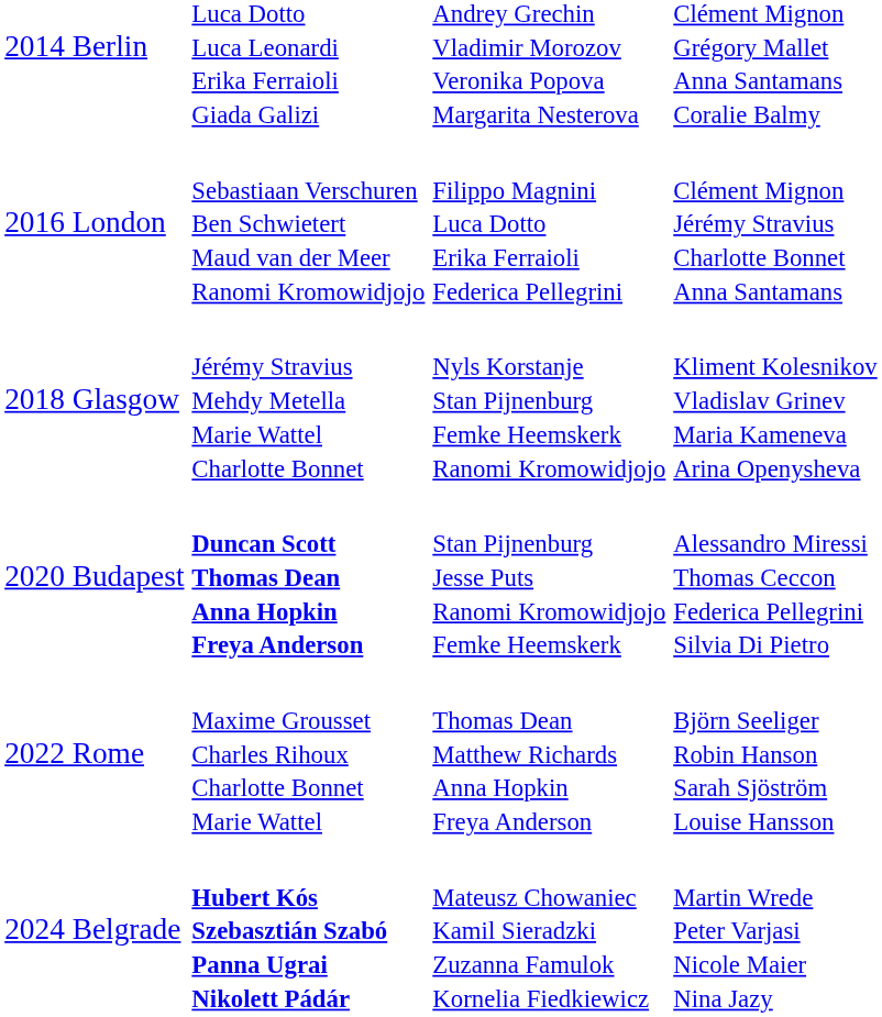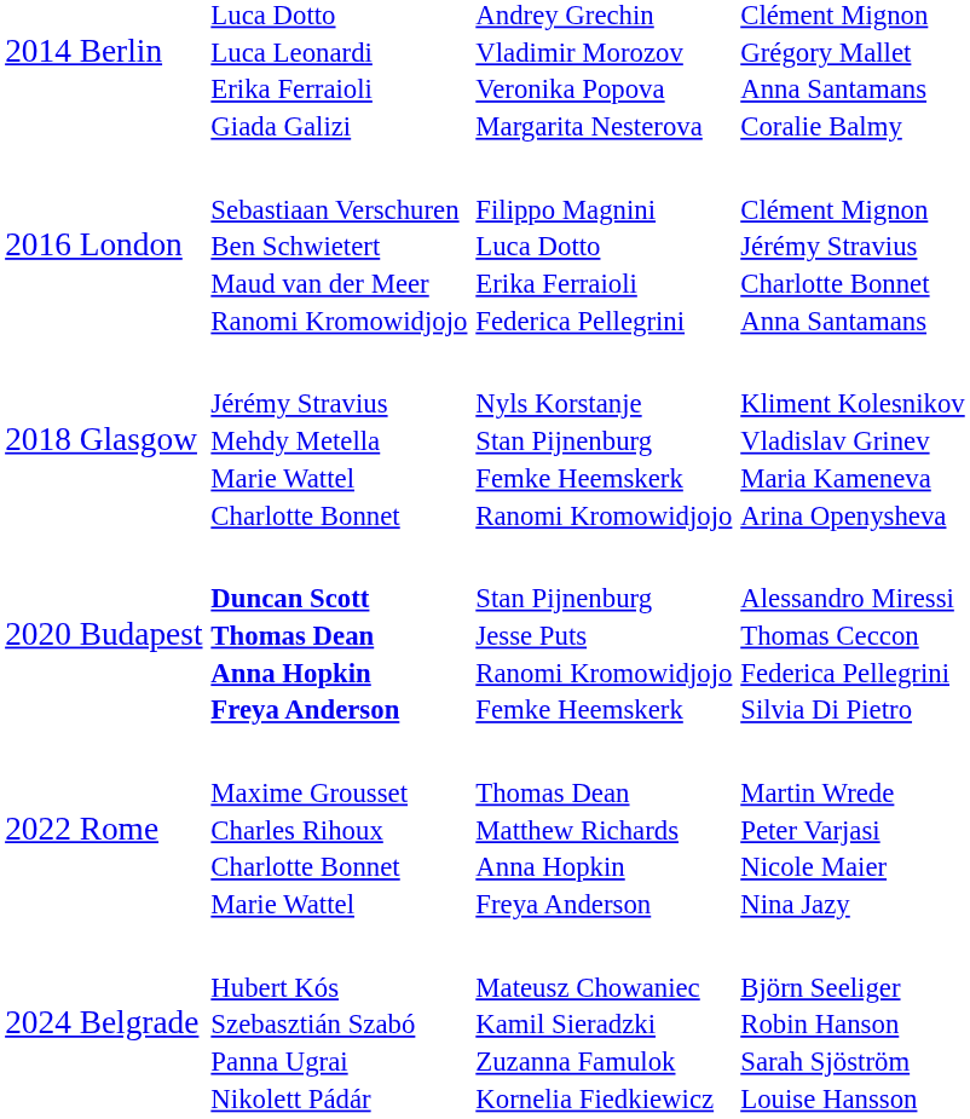 <table>
 <tr>
 <td><a href='#'>2014 Berlin</a></td>
 <td><small><br><a href='#'>Luca Dotto</a><br><a href='#'>Luca Leonardi</a><br><a href='#'>Erika Ferraioli</a><br><a href='#'>Giada Galizi</a></small></td>
 <td><small><br><a href='#'>Andrey Grechin</a><br><a href='#'>Vladimir Morozov</a><br><a href='#'>Veronika Popova</a><br><a href='#'>Margarita Nesterova</a></small></td>
 <td><small><br><a href='#'>Clément Mignon</a><br><a href='#'>Grégory Mallet</a><br><a href='#'>Anna Santamans</a><br><a href='#'>Coralie Balmy</a></small></td>
 </tr>
 <tr>
 <td><a href='#'>2016 London</a></td>
 <td><small><br><a href='#'>Sebastiaan Verschuren</a><br><a href='#'>Ben Schwietert</a><br><a href='#'>Maud van der Meer</a><br><a href='#'>Ranomi Kromowidjojo</a></small></td>
 <td><small><br><a href='#'>Filippo Magnini</a><br><a href='#'>Luca Dotto</a><br><a href='#'>Erika Ferraioli</a><br><a href='#'>Federica Pellegrini</a></small></td>
 <td><small><br><a href='#'>Clément Mignon</a><br><a href='#'>Jérémy Stravius</a><br><a href='#'>Charlotte Bonnet</a><br><a href='#'>Anna Santamans</a></small></td>
 </tr>
 <tr>
 <td><a href='#'>2018 Glasgow</a></td>
 <td><small><br><a href='#'>Jérémy Stravius</a><br><a href='#'>Mehdy Metella</a><br><a href='#'>Marie Wattel</a><br><a href='#'>Charlotte Bonnet</a></small></td>
 <td><small><br><a href='#'>Nyls Korstanje</a><br><a href='#'>Stan Pijnenburg</a><br><a href='#'>Femke Heemskerk</a><br><a href='#'>Ranomi Kromowidjojo</a></small></td>
 <td><small><br><a href='#'>Kliment Kolesnikov</a><br><a href='#'>Vladislav Grinev</a><br><a href='#'>Maria Kameneva</a><br><a href='#'>Arina Openysheva</a></small></td>
 </tr>
 <tr>
 <td><a href='#'>2020 Budapest</a></td>
 <td><strong><small><br><a href='#'>Duncan Scott</a><br><a href='#'>Thomas Dean</a><br><a href='#'>Anna Hopkin</a><br><a href='#'>Freya Anderson</a></small></strong></td>
 <td><small><br><a href='#'>Stan Pijnenburg</a><br><a href='#'>Jesse Puts</a><br><a href='#'>Ranomi Kromowidjojo</a><br><a href='#'>Femke Heemskerk</a></small></td>
 <td><small><br><a href='#'>Alessandro Miressi</a><br><a href='#'>Thomas Ceccon</a><br><a href='#'>Federica Pellegrini</a><br><a href='#'>Silvia Di Pietro</a></small></td>
 </tr>
 <tr>
 <td><a href='#'>2022 Rome</a></td>
 <td><small><br><a href='#'>Maxime Grousset</a><br><a href='#'>Charles Rihoux</a><br><a href='#'>Charlotte Bonnet</a><br><a href='#'>Marie Wattel</a></small></td>
 <td><small><br><a href='#'>Thomas Dean</a><br><a href='#'>Matthew Richards</a><br><a href='#'>Anna Hopkin</a><br><a href='#'>Freya Anderson</a></small></td>
-<td><small><br><a href='#'>Björn Seeliger</a><br><a href='#'>Robin Hanson</a><br><a href='#'>Sarah Sjöström</a><br><a href='#'>Louise Hansson</a></small></td>
+<td><small><br><a href='#'>Martin Wrede</a><br><a href='#'>Peter Varjasi</a><br><a href='#'>Nicole Maier</a><br><a href='#'>Nina Jazy</a></small></td>
 </tr>
 <tr>
 <td><a href='#'>2024 Belgrade</a></td>
-<td><strong><small><br><a href='#'>Hubert Kós</a><br><a href='#'>Szebasztián Szabó</a><br><a href='#'>Panna Ugrai</a><br><a href='#'>Nikolett Pádár</a></small></strong></td>
+<td><small><br><a href='#'>Hubert Kós</a><br><a href='#'>Szebasztián Szabó</a><br><a href='#'>Panna Ugrai</a><br><a href='#'>Nikolett Pádár</a></small></td>
 <td><small><br><a href='#'>Mateusz Chowaniec</a><br><a href='#'>Kamil Sieradzki</a><br><a href='#'>Zuzanna Famulok</a><br><a href='#'>Kornelia Fiedkiewicz</a></small></td>
-<td><small><br><a href='#'>Martin Wrede</a><br><a href='#'>Peter Varjasi</a><br><a href='#'>Nicole Maier</a><br><a href='#'>Nina Jazy</a></small></td>
+<td><small><br><a href='#'>Björn Seeliger</a><br><a href='#'>Robin Hanson</a><br><a href='#'>Sarah Sjöström</a><br><a href='#'>Louise Hansson</a></small></td>
 </tr>
 </table>
